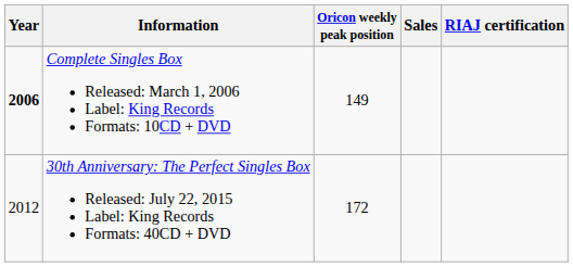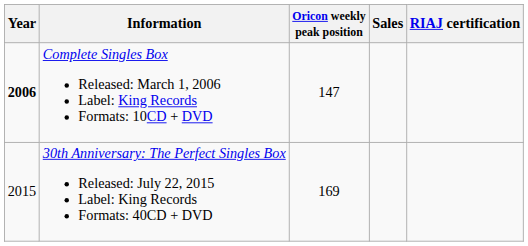 <table class="wikitable">
 <tr>
 <th>Year</th>
 <th>Information</th>
 <th><small><a href='#'>Oricon</a> weekly<br>peak position</small></th>
 <th>Sales<br></th>
 <th><a href='#'>RIAJ</a> certification</th>
 </tr>
 <tr>
 <td><strong>2006</strong></td>
 <td><em><a href='#'>Complete Singles Box</a></em><br><ul><li>Released: March 1, 2006</li><li>Label: <a href='#'>King Records</a></li><li>Formats: 10<a href='#'>CD</a> + <a href='#'>DVD</a></li></ul></td>
-<td style="text-align:center;">149</td>
+<td style="text-align:center;">147</td>
 <td align="left"></td>
 <td align="left"></td>
 </tr>
 <tr>
-<td>2012</td>
+<td>2015</td>
 <td><em><a href='#'>30th Anniversary: The Perfect Singles Box</a></em><br><ul><li>Released: July 22, 2015</li><li>Label: King Records</li><li>Formats: 40CD + DVD</li></ul></td>
-<td style="text-align:center;">172</td>
+<td style="text-align:center;">169</td>
 <td align="left"></td>
 <td align="left"></td>
 </tr>
 </table>
